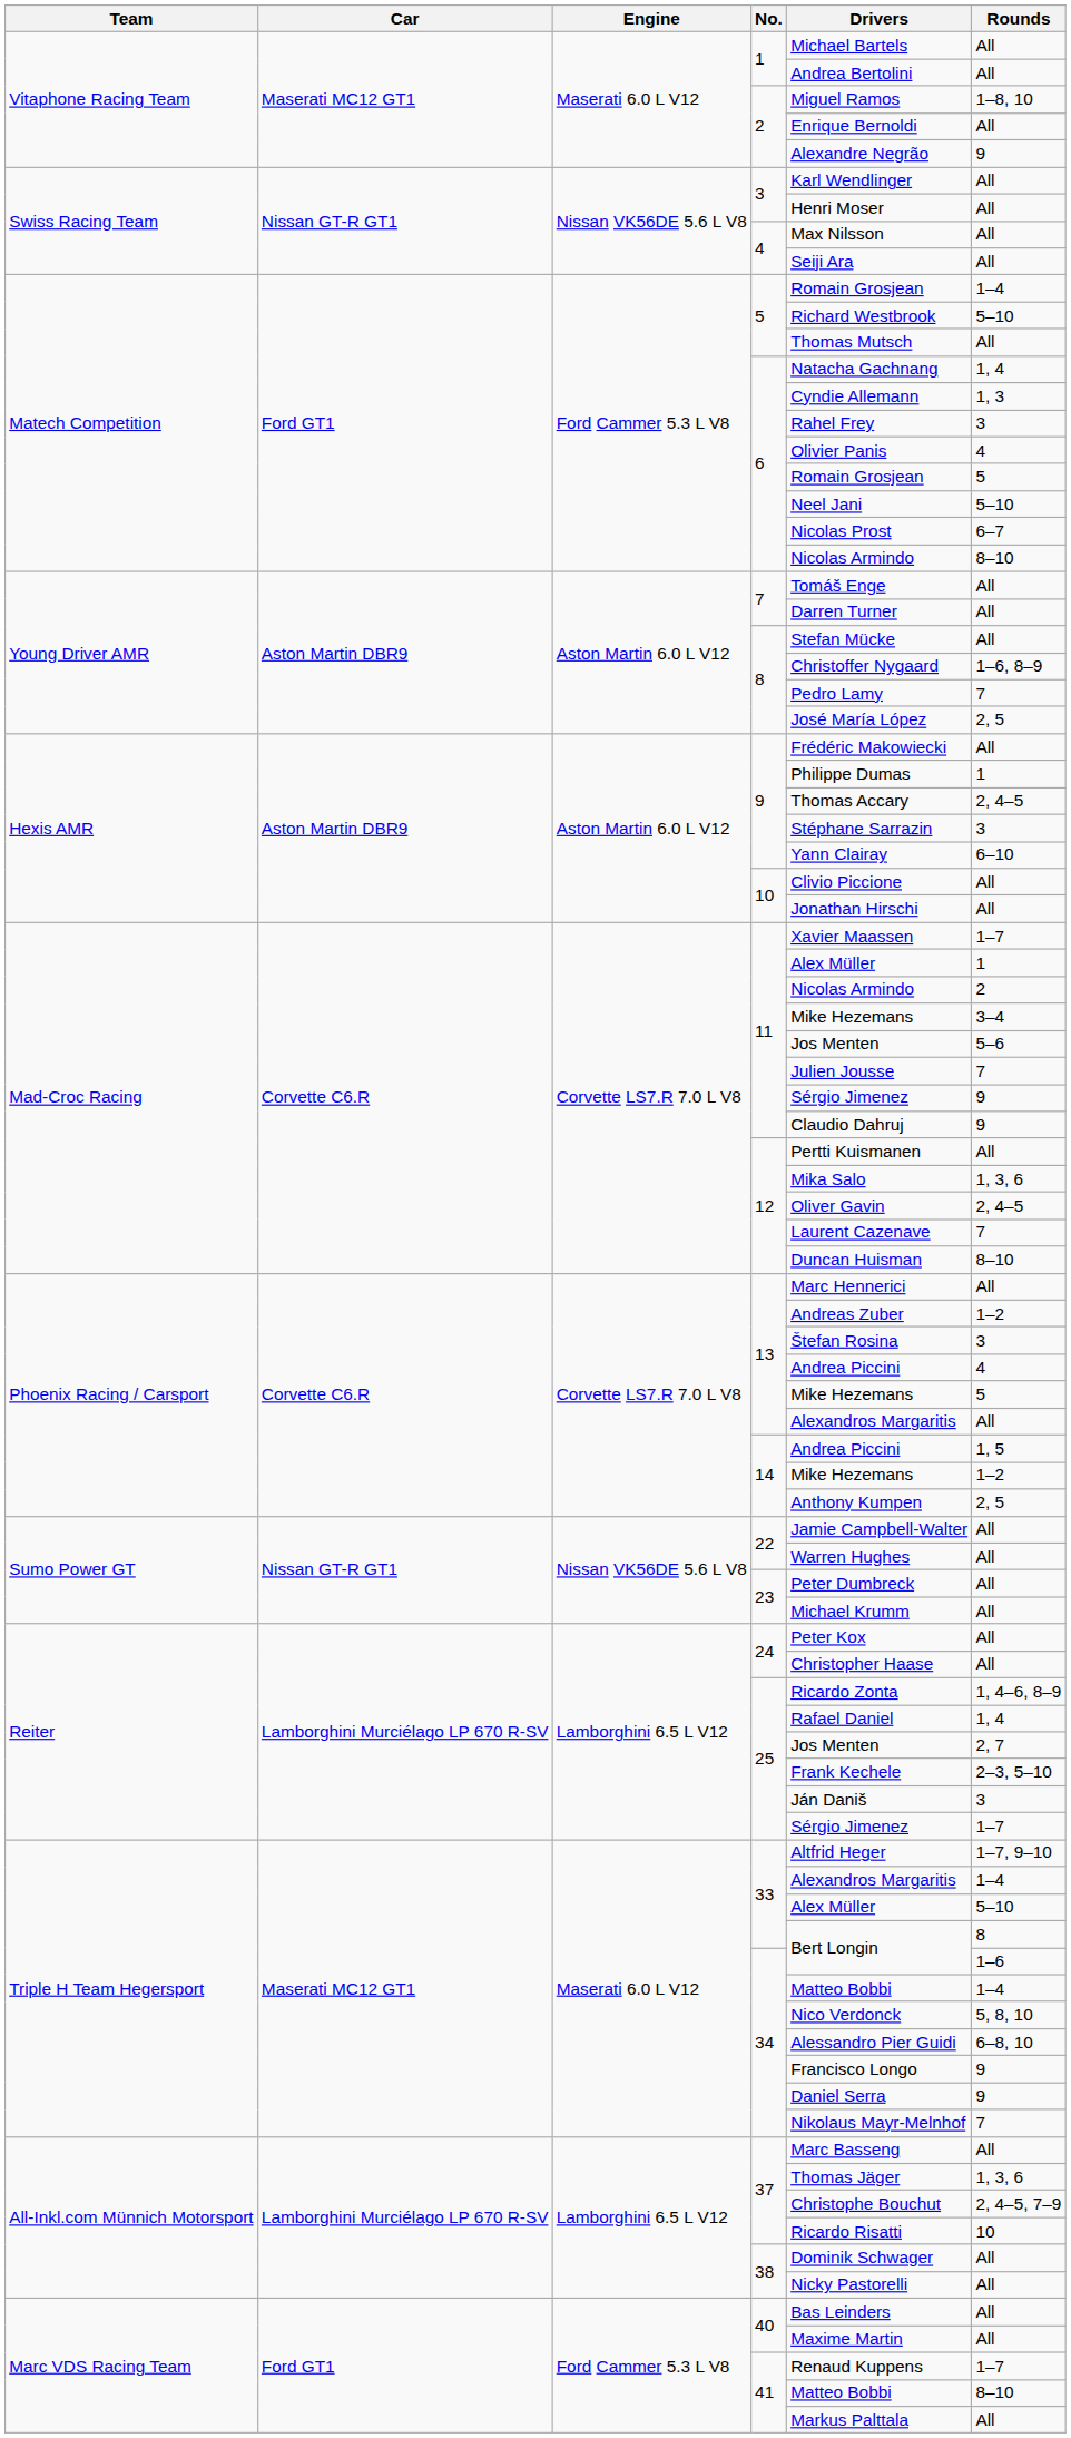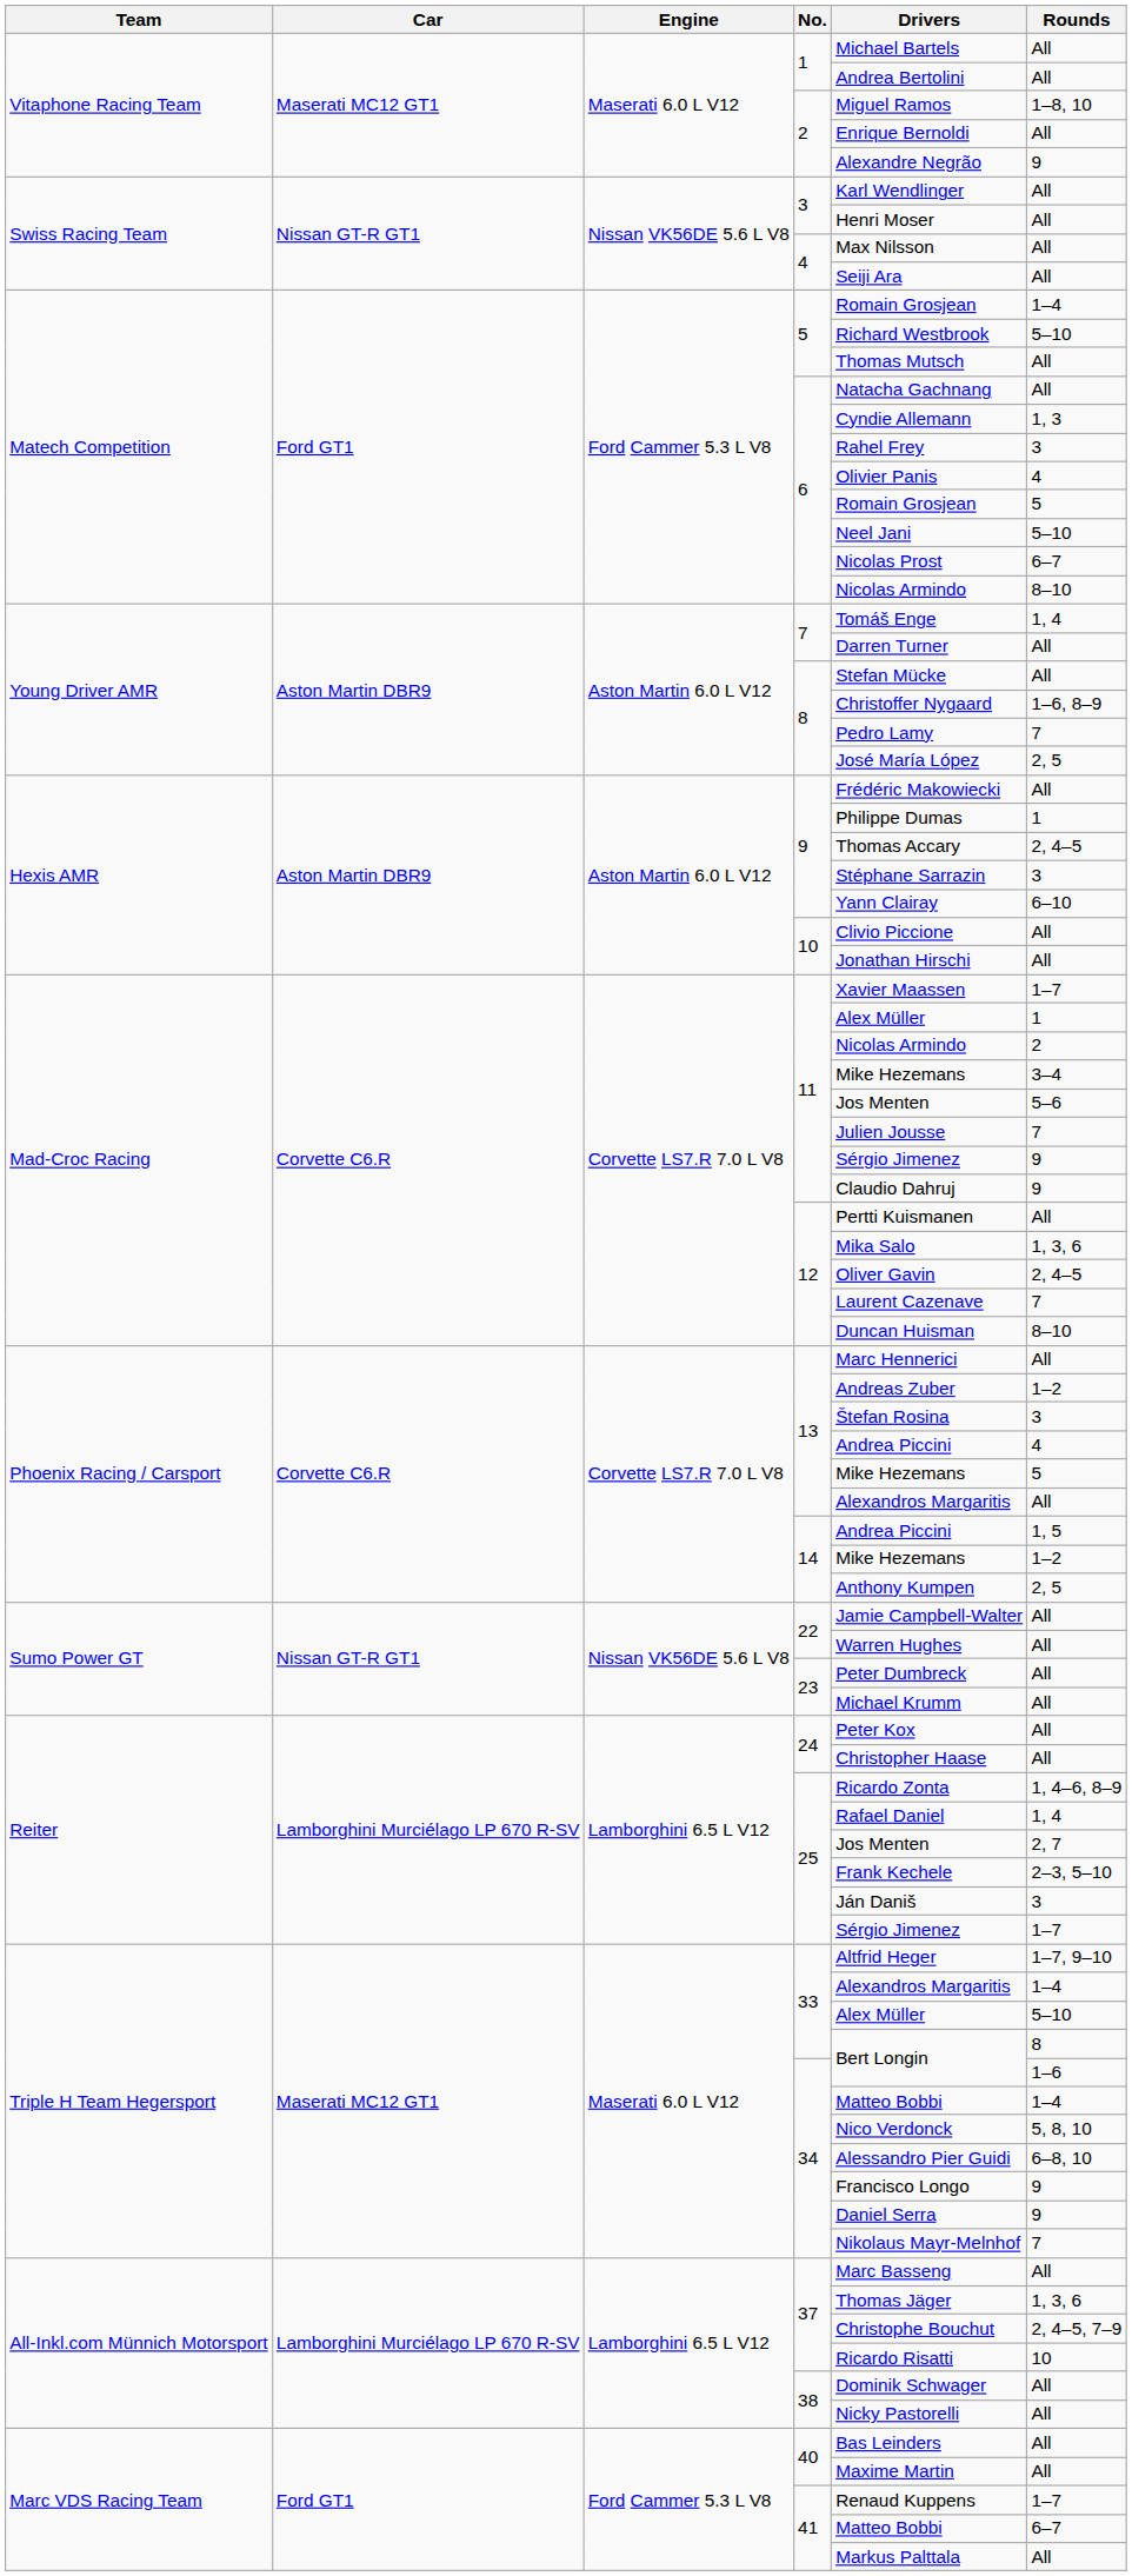 <table class="wikitable" style="font-size: 85%;">
 <tr>
 <th>Team</th>
 <th>Car</th>
 <th>Engine</th>
 <th>No.</th>
 <th>Drivers</th>
 <th>Rounds</th>
 </tr>
 <tr>
 <td rowspan=5> <a href='#'>Vitaphone Racing Team</a></td>
 <td rowspan=5><a href='#'>Maserati MC12 GT1</a></td>
 <td rowspan=5><a href='#'>Maserati</a> 6.0 L V12</td>
 <td rowspan=2>1</td>
 <td> <a href='#'>Michael Bartels</a></td>
 <td>All</td>
 </tr>
 <tr>
 <td> <a href='#'>Andrea Bertolini</a></td>
 <td>All</td>
 </tr>
 <tr>
 <td rowspan=3>2</td>
 <td> <a href='#'>Miguel Ramos</a></td>
 <td>1–8, 10</td>
 </tr>
 <tr>
 <td> <a href='#'>Enrique Bernoldi</a></td>
 <td>All</td>
 </tr>
 <tr>
 <td> <a href='#'>Alexandre Negrão</a></td>
 <td>9</td>
 </tr>
 <tr>
 <td rowspan=4> <a href='#'>Swiss Racing Team</a></td>
 <td rowspan=4><a href='#'>Nissan GT-R GT1</a></td>
 <td rowspan=4><a href='#'>Nissan</a> <a href='#'>VK56DE</a> 5.6 L V8</td>
 <td rowspan=2>3</td>
 <td> <a href='#'>Karl Wendlinger</a></td>
 <td>All</td>
 </tr>
 <tr>
 <td> Henri Moser</td>
 <td>All</td>
 </tr>
 <tr>
 <td rowspan=2>4</td>
 <td> Max Nilsson</td>
 <td>All</td>
 </tr>
 <tr>
 <td> <a href='#'>Seiji Ara</a></td>
 <td>All</td>
 </tr>
 <tr>
 <td rowspan=11> <a href='#'>Matech Competition</a></td>
 <td rowspan=11><a href='#'>Ford GT1</a></td>
 <td rowspan=11><a href='#'>Ford</a> <a href='#'>Cammer</a> 5.3 L V8</td>
 <td rowspan=3>5</td>
 <td> <a href='#'>Romain Grosjean</a></td>
 <td>1–4</td>
 </tr>
 <tr>
 <td> <a href='#'>Richard Westbrook</a></td>
 <td>5–10</td>
 </tr>
 <tr>
 <td> <a href='#'>Thomas Mutsch</a></td>
 <td>All</td>
 </tr>
 <tr>
 <td rowspan=8>6</td>
 <td> <a href='#'>Natacha Gachnang</a></td>
-<td>1, 4</td>
+<td>All</td>
 </tr>
 <tr>
 <td> <a href='#'>Cyndie Allemann</a></td>
 <td>1, 3</td>
 </tr>
 <tr>
 <td> <a href='#'>Rahel Frey</a></td>
 <td>3</td>
 </tr>
 <tr>
 <td> <a href='#'>Olivier Panis</a></td>
 <td>4</td>
 </tr>
 <tr>
 <td> <a href='#'>Romain Grosjean</a></td>
 <td>5</td>
 </tr>
 <tr>
 <td> <a href='#'>Neel Jani</a></td>
 <td>5–10</td>
 </tr>
 <tr>
 <td> <a href='#'>Nicolas Prost</a></td>
 <td>6–7</td>
 </tr>
 <tr>
 <td> <a href='#'>Nicolas Armindo</a></td>
 <td>8–10</td>
 </tr>
 <tr>
 <td rowspan=6> <a href='#'>Young Driver AMR</a></td>
 <td rowspan=6><a href='#'>Aston Martin DBR9</a></td>
 <td rowspan=6><a href='#'>Aston Martin</a> 6.0 L V12</td>
 <td rowspan=2>7</td>
 <td> <a href='#'>Tomáš Enge</a></td>
-<td>All</td>
+<td>1, 4</td>
 </tr>
 <tr>
 <td> <a href='#'>Darren Turner</a></td>
 <td>All</td>
 </tr>
 <tr>
 <td rowspan=4>8</td>
 <td> <a href='#'>Stefan Mücke</a></td>
 <td>All</td>
 </tr>
 <tr>
 <td> <a href='#'>Christoffer Nygaard</a></td>
 <td>1–6, 8–9</td>
 </tr>
 <tr>
 <td> <a href='#'>Pedro Lamy</a></td>
 <td>7</td>
 </tr>
 <tr>
 <td> <a href='#'>José María López</a></td>
 <td>2, 5</td>
 </tr>
 <tr>
 <td rowspan=7> <a href='#'>Hexis AMR</a></td>
 <td rowspan=7><a href='#'>Aston Martin DBR9</a></td>
 <td rowspan=7><a href='#'>Aston Martin</a> 6.0 L V12</td>
 <td rowspan=5>9</td>
 <td> <a href='#'>Frédéric Makowiecki</a></td>
 <td>All</td>
 </tr>
 <tr>
 <td> Philippe Dumas</td>
 <td>1</td>
 </tr>
 <tr>
 <td> Thomas Accary</td>
 <td>2, 4–5</td>
 </tr>
 <tr>
 <td> <a href='#'>Stéphane Sarrazin</a></td>
 <td>3</td>
 </tr>
 <tr>
 <td> <a href='#'>Yann Clairay</a></td>
 <td>6–10</td>
 </tr>
 <tr>
 <td rowspan=2>10</td>
 <td> <a href='#'>Clivio Piccione</a></td>
 <td>All</td>
 </tr>
 <tr>
 <td> <a href='#'>Jonathan Hirschi</a></td>
 <td>All</td>
 </tr>
 <tr>
 <td rowspan=13> <a href='#'>Mad-Croc Racing</a></td>
 <td rowspan=13><a href='#'>Corvette C6.R</a></td>
 <td rowspan=13><a href='#'>Corvette</a> <a href='#'>LS7.R</a> 7.0 L V8</td>
 <td rowspan=8>11</td>
 <td> <a href='#'>Xavier Maassen</a></td>
 <td>1–7</td>
 </tr>
 <tr>
 <td> <a href='#'>Alex Müller</a></td>
 <td>1</td>
 </tr>
 <tr>
 <td> <a href='#'>Nicolas Armindo</a></td>
 <td>2</td>
 </tr>
 <tr>
 <td> Mike Hezemans</td>
 <td>3–4</td>
 </tr>
 <tr>
 <td> Jos Menten</td>
 <td>5–6</td>
 </tr>
 <tr>
 <td> <a href='#'>Julien Jousse</a></td>
 <td>7</td>
 </tr>
 <tr>
 <td> <a href='#'>Sérgio Jimenez</a></td>
 <td>9</td>
 </tr>
 <tr>
 <td> Claudio Dahruj</td>
 <td>9</td>
 </tr>
 <tr>
 <td rowspan=5>12</td>
 <td> Pertti Kuismanen</td>
 <td>All</td>
 </tr>
 <tr>
 <td> <a href='#'>Mika Salo</a></td>
 <td>1, 3, 6</td>
 </tr>
 <tr>
 <td> <a href='#'>Oliver Gavin</a></td>
 <td>2, 4–5</td>
 </tr>
 <tr>
 <td> <a href='#'>Laurent Cazenave</a></td>
 <td>7</td>
 </tr>
 <tr>
 <td> <a href='#'>Duncan Huisman</a></td>
 <td>8–10</td>
 </tr>
 <tr>
 <td rowspan=9> <a href='#'>Phoenix Racing / Carsport</a></td>
 <td rowspan=9><a href='#'>Corvette C6.R</a></td>
 <td rowspan=9><a href='#'>Corvette</a> <a href='#'>LS7.R</a> 7.0 L V8</td>
 <td rowspan=6>13</td>
 <td> <a href='#'>Marc Hennerici</a></td>
 <td>All</td>
 </tr>
 <tr>
 <td> <a href='#'>Andreas Zuber</a></td>
 <td>1–2</td>
 </tr>
 <tr>
 <td> <a href='#'>Štefan Rosina</a></td>
 <td>3</td>
 </tr>
 <tr>
 <td> <a href='#'>Andrea Piccini</a></td>
 <td>4</td>
 </tr>
 <tr>
 <td> Mike Hezemans</td>
 <td>5</td>
 </tr>
 <tr>
 <td> <a href='#'>Alexandros Margaritis</a></td>
 <td>All</td>
 </tr>
 <tr>
 <td rowspan=3>14</td>
 <td> <a href='#'>Andrea Piccini</a></td>
 <td>1, 5</td>
 </tr>
 <tr>
 <td> Mike Hezemans</td>
 <td>1–2</td>
 </tr>
 <tr>
 <td> <a href='#'>Anthony Kumpen</a></td>
 <td>2, 5</td>
 </tr>
 <tr>
 <td rowspan=4> <a href='#'>Sumo Power GT</a></td>
 <td rowspan=4><a href='#'>Nissan GT-R GT1</a></td>
 <td rowspan=4><a href='#'>Nissan</a> <a href='#'>VK56DE</a> 5.6 L V8</td>
 <td rowspan=2>22</td>
 <td> <a href='#'>Jamie Campbell-Walter</a></td>
 <td>All</td>
 </tr>
 <tr>
 <td> <a href='#'>Warren Hughes</a></td>
 <td>All</td>
 </tr>
 <tr>
 <td rowspan=2>23</td>
 <td> <a href='#'>Peter Dumbreck</a></td>
 <td>All</td>
 </tr>
 <tr>
 <td> <a href='#'>Michael Krumm</a></td>
 <td>All</td>
 </tr>
 <tr>
 <td rowspan=8> <a href='#'>Reiter</a></td>
 <td rowspan=8><a href='#'>Lamborghini Murciélago LP 670 R-SV</a></td>
 <td rowspan=8><a href='#'>Lamborghini</a> 6.5 L V12</td>
 <td rowspan=2>24</td>
 <td> <a href='#'>Peter Kox</a></td>
 <td>All</td>
 </tr>
 <tr>
 <td> <a href='#'>Christopher Haase</a></td>
 <td>All</td>
 </tr>
 <tr>
 <td rowspan=6>25</td>
 <td> <a href='#'>Ricardo Zonta</a></td>
 <td>1, 4–6, 8–9</td>
 </tr>
 <tr>
 <td> <a href='#'>Rafael Daniel</a></td>
 <td>1, 4</td>
 </tr>
 <tr>
 <td> Jos Menten</td>
 <td>2, 7</td>
 </tr>
 <tr>
 <td> <a href='#'>Frank Kechele</a></td>
 <td>2–3, 5–10</td>
 </tr>
 <tr>
 <td> Ján Daniš</td>
 <td>3</td>
 </tr>
 <tr>
 <td> <a href='#'>Sérgio Jimenez</a></td>
 <td>1–7</td>
 </tr>
 <tr>
 <td rowspan=11> <a href='#'>Triple H Team Hegersport</a></td>
 <td rowspan=11><a href='#'>Maserati MC12 GT1</a></td>
 <td rowspan=11><a href='#'>Maserati</a> 6.0 L V12</td>
 <td rowspan=4>33</td>
 <td> <a href='#'>Altfrid Heger</a></td>
 <td>1–7, 9–10</td>
 </tr>
 <tr>
 <td> <a href='#'>Alexandros Margaritis</a></td>
 <td>1–4</td>
 </tr>
 <tr>
 <td> <a href='#'>Alex Müller</a></td>
 <td>5–10</td>
 </tr>
 <tr>
 <td rowspan=2> Bert Longin</td>
 <td>8</td>
 </tr>
 <tr>
 <td rowspan=7>34</td>
 <td>1–6</td>
 </tr>
 <tr>
 <td> <a href='#'>Matteo Bobbi</a></td>
 <td>1–4</td>
 </tr>
 <tr>
 <td> <a href='#'>Nico Verdonck</a></td>
 <td>5, 8, 10</td>
 </tr>
 <tr>
 <td> <a href='#'>Alessandro Pier Guidi</a></td>
 <td>6–8, 10</td>
 </tr>
 <tr>
 <td> Francisco Longo</td>
 <td>9</td>
 </tr>
 <tr>
 <td> <a href='#'>Daniel Serra</a></td>
 <td>9</td>
 </tr>
 <tr>
 <td> <a href='#'>Nikolaus Mayr-Melnhof</a></td>
 <td>7</td>
 </tr>
 <tr>
 <td rowspan=6> <a href='#'>All-Inkl.com Münnich Motorsport</a></td>
 <td rowspan=6><a href='#'>Lamborghini Murciélago LP 670 R-SV</a></td>
 <td rowspan=6><a href='#'>Lamborghini</a> 6.5 L V12</td>
 <td rowspan=4>37</td>
 <td> <a href='#'>Marc Basseng</a></td>
 <td>All</td>
 </tr>
 <tr>
 <td> <a href='#'>Thomas Jäger</a></td>
 <td>1, 3, 6</td>
 </tr>
 <tr>
 <td> <a href='#'>Christophe Bouchut</a></td>
 <td>2, 4–5, 7–9</td>
 </tr>
 <tr>
 <td> <a href='#'>Ricardo Risatti</a></td>
 <td>10</td>
 </tr>
 <tr>
 <td rowspan=2>38</td>
 <td> <a href='#'>Dominik Schwager</a></td>
 <td>All</td>
 </tr>
 <tr>
 <td> <a href='#'>Nicky Pastorelli</a></td>
 <td>All</td>
 </tr>
 <tr>
 <td rowspan=5> <a href='#'>Marc VDS Racing Team</a></td>
 <td rowspan=5><a href='#'>Ford GT1</a></td>
 <td rowspan=5><a href='#'>Ford</a> <a href='#'>Cammer</a> 5.3 L V8</td>
 <td rowspan=2>40</td>
 <td> <a href='#'>Bas Leinders</a></td>
 <td>All</td>
 </tr>
 <tr>
 <td> <a href='#'>Maxime Martin</a></td>
 <td>All</td>
 </tr>
 <tr>
 <td rowspan=3>41</td>
 <td> Renaud Kuppens</td>
 <td>1–7</td>
 </tr>
 <tr>
 <td> <a href='#'>Matteo Bobbi</a></td>
-<td>8–10</td>
+<td>6–7</td>
 </tr>
 <tr>
 <td> <a href='#'>Markus Palttala</a></td>
 <td>All</td>
 </tr>
 </table>
